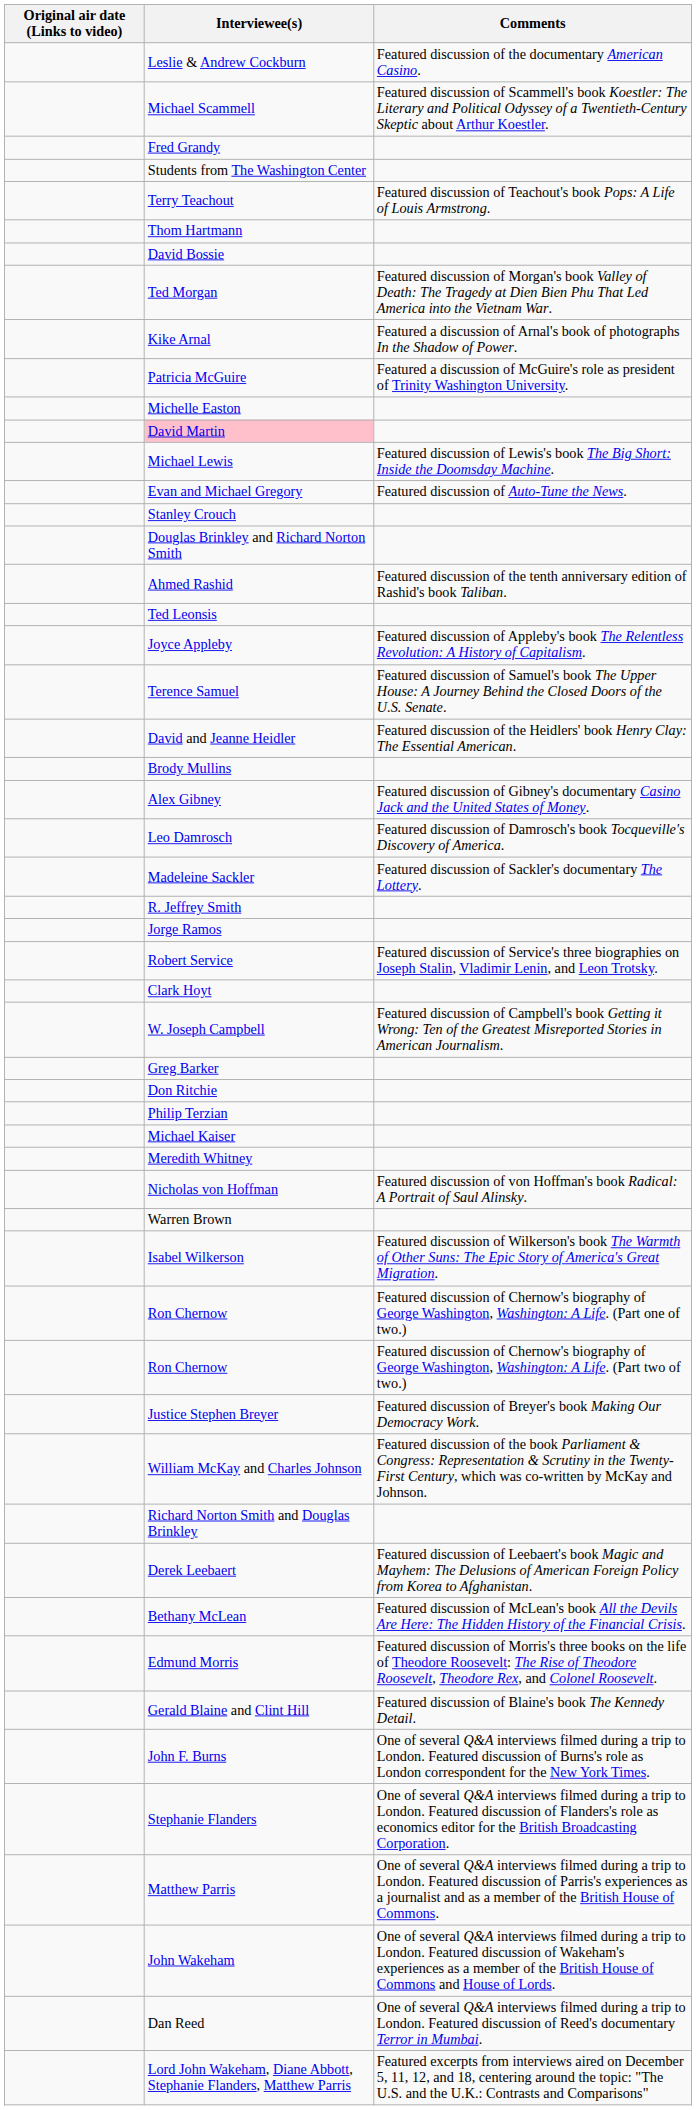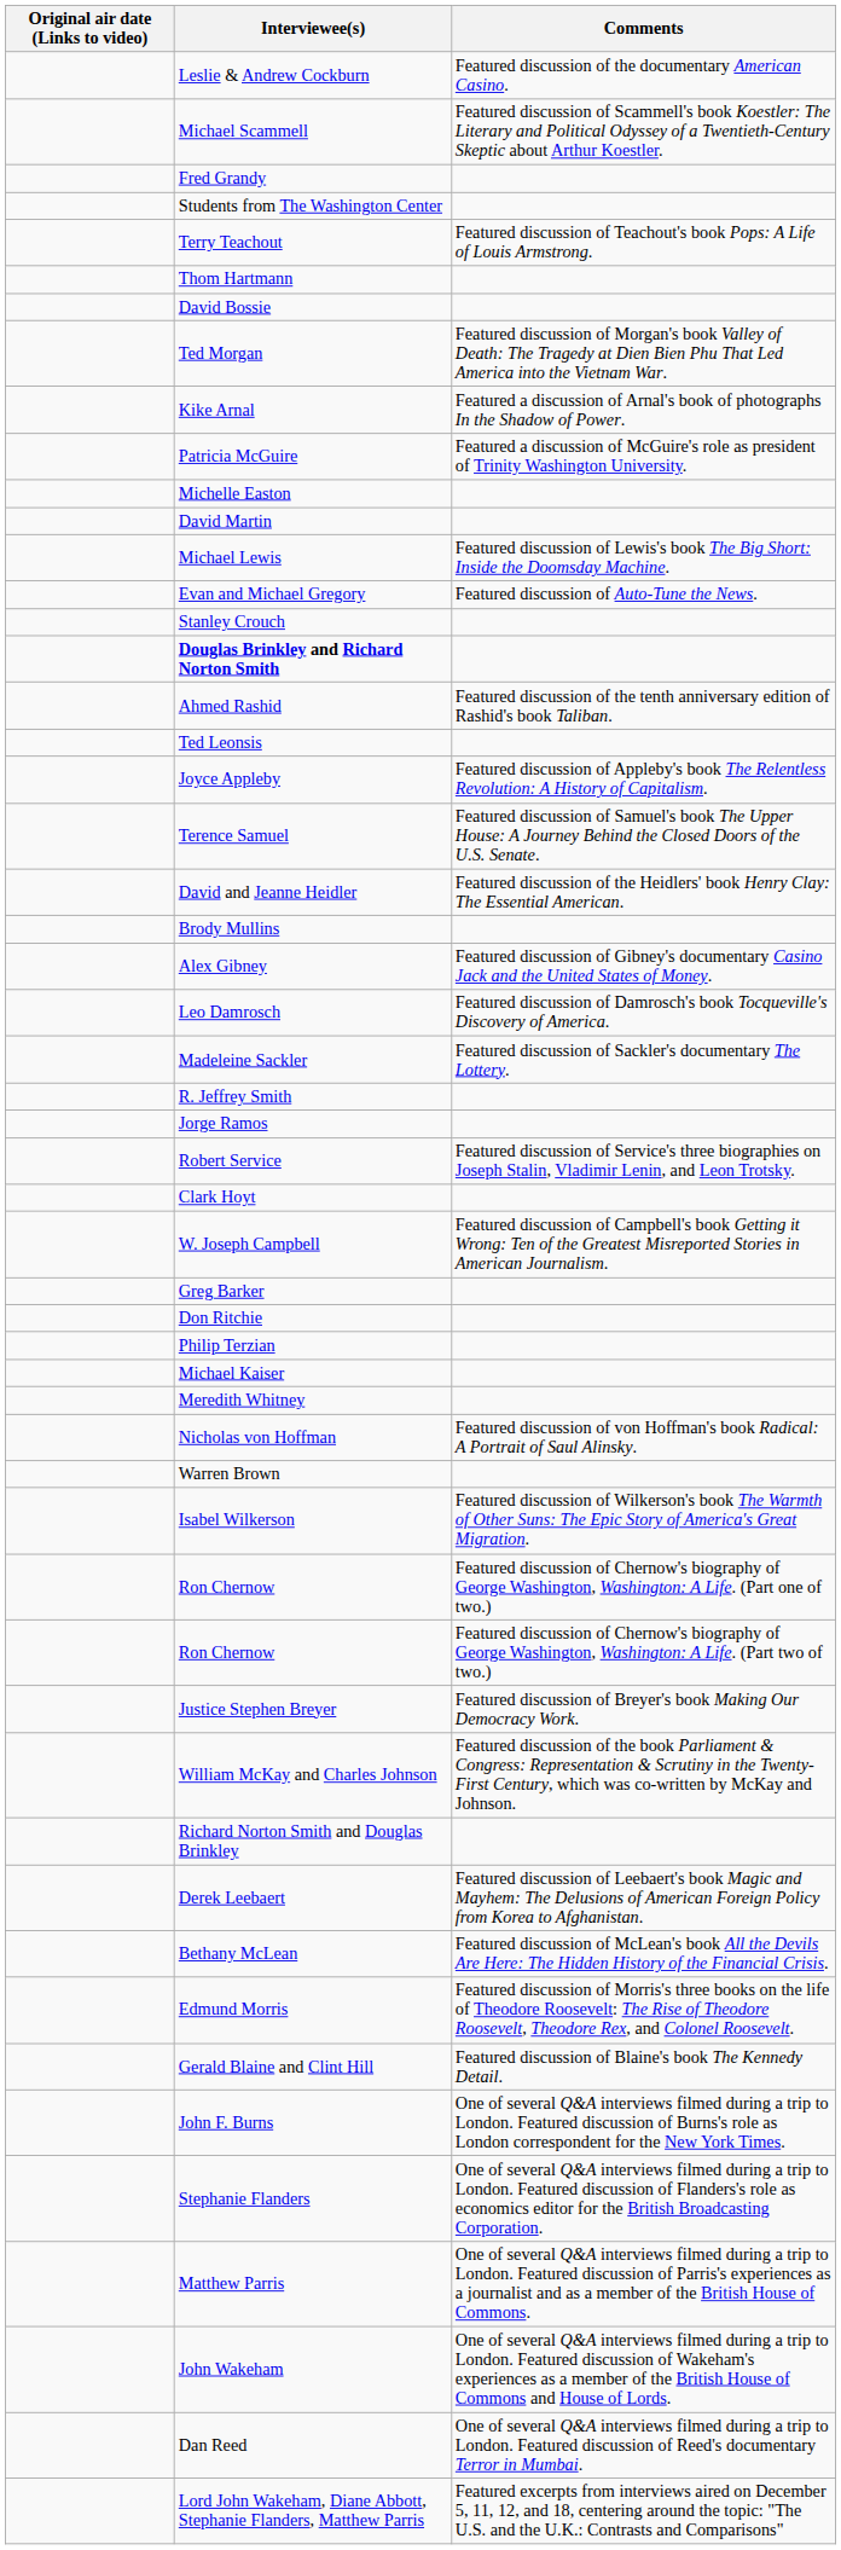 <table class="wikitable">
 <tr>
 <th width="150">Original air date<br>(Links to video)</th>
 <th width="250">Interviewee(s)</th>
 <th width="350">Comments</th>
 </tr>
 <tr>
 <td></td>
 <td><a href='#'>Leslie</a> & <a href='#'>Andrew Cockburn</a></td>
 <td>Featured discussion of the documentary <em><a href='#'>American Casino</a></em>.</td>
 </tr>
 <tr>
 <td></td>
 <td><a href='#'>Michael Scammell</a></td>
 <td>Featured discussion of Scammell's book <em>Koestler: The Literary and Political Odyssey of a Twentieth-Century Skeptic</em> about <a href='#'>Arthur Koestler</a>.</td>
 </tr>
 <tr>
 <td></td>
 <td><a href='#'>Fred Grandy</a></td>
 <td></td>
 </tr>
 <tr>
 <td></td>
 <td>Students from <a href='#'>The Washington Center</a></td>
 <td></td>
 </tr>
 <tr>
 <td></td>
 <td><a href='#'>Terry Teachout</a></td>
 <td>Featured discussion of Teachout's book <em>Pops: A Life of Louis Armstrong</em>.</td>
 </tr>
 <tr>
 <td></td>
 <td><a href='#'>Thom Hartmann</a></td>
 <td></td>
 </tr>
 <tr>
 <td></td>
 <td><a href='#'>David Bossie</a></td>
 <td></td>
 </tr>
 <tr>
 <td></td>
 <td><a href='#'>Ted Morgan</a></td>
 <td>Featured discussion of Morgan's book <em>Valley of Death: The Tragedy at Dien Bien Phu That Led America into the Vietnam War</em>.</td>
 </tr>
 <tr>
 <td></td>
 <td><a href='#'>Kike Arnal</a></td>
 <td>Featured a discussion of Arnal's book of photographs <em>In the Shadow of Power</em>.</td>
 </tr>
 <tr>
 <td></td>
 <td><a href='#'>Patricia McGuire</a></td>
 <td>Featured a discussion of McGuire's role as president of <a href='#'>Trinity Washington University</a>.</td>
 </tr>
 <tr>
 <td></td>
 <td><a href='#'>Michelle Easton</a></td>
 <td></td>
 </tr>
 <tr>
 <td></td>
-<td style="background: pink;"><a href='#'>David Martin</a></td>
+<td><a href='#'>David Martin</a></td>
 <td></td>
 </tr>
 <tr>
 <td></td>
 <td><a href='#'>Michael Lewis</a></td>
 <td>Featured discussion of Lewis's book <em><a href='#'>The Big Short: Inside the Doomsday Machine</a></em>.</td>
 </tr>
 <tr>
 <td></td>
 <td><a href='#'>Evan and Michael Gregory</a></td>
 <td>Featured discussion of <em><a href='#'>Auto-Tune the News</a></em>.</td>
 </tr>
 <tr>
 <td></td>
 <td><a href='#'>Stanley Crouch</a></td>
 <td></td>
 </tr>
 <tr>
 <td></td>
-<td><a href='#'>Douglas Brinkley</a> and <a href='#'>Richard Norton Smith</a></td>
+<td><strong><a href='#'>Douglas Brinkley</a> and <a href='#'>Richard Norton Smith</a></strong></td>
 <td></td>
 </tr>
 <tr>
 <td></td>
 <td><a href='#'>Ahmed Rashid</a></td>
 <td>Featured discussion of the tenth anniversary edition of Rashid's book <em>Taliban</em>.</td>
 </tr>
 <tr>
 <td></td>
 <td><a href='#'>Ted Leonsis</a></td>
 <td></td>
 </tr>
 <tr>
 <td></td>
 <td><a href='#'>Joyce Appleby</a></td>
 <td>Featured discussion of Appleby's book <em><a href='#'>The Relentless Revolution: A History of Capitalism</a></em>.</td>
 </tr>
 <tr>
 <td></td>
 <td><a href='#'>Terence Samuel</a></td>
 <td>Featured discussion of Samuel's book <em>The Upper House: A Journey Behind the Closed Doors of the U.S. Senate</em>.</td>
 </tr>
 <tr>
 <td></td>
 <td><a href='#'>David</a> and <a href='#'>Jeanne Heidler</a></td>
 <td>Featured discussion of the Heidlers' book <em>Henry Clay: The Essential American</em>.</td>
 </tr>
 <tr>
 <td></td>
 <td><a href='#'>Brody Mullins</a></td>
 <td></td>
 </tr>
 <tr>
 <td></td>
 <td><a href='#'>Alex Gibney</a></td>
 <td>Featured discussion of Gibney's documentary <em><a href='#'>Casino Jack and the United States of Money</a></em>.</td>
 </tr>
 <tr>
 <td></td>
 <td><a href='#'>Leo Damrosch</a></td>
 <td>Featured discussion of Damrosch's book <em>Tocqueville's Discovery of America</em>.</td>
 </tr>
 <tr>
 <td></td>
 <td><a href='#'>Madeleine Sackler</a></td>
 <td>Featured discussion of Sackler's documentary <em><a href='#'>The Lottery</a></em>.</td>
 </tr>
 <tr>
 <td></td>
 <td><a href='#'>R. Jeffrey Smith</a></td>
 <td></td>
 </tr>
 <tr>
 <td></td>
 <td><a href='#'>Jorge Ramos</a></td>
 <td></td>
 </tr>
 <tr>
 <td></td>
 <td><a href='#'>Robert Service</a></td>
 <td>Featured discussion of Service's three biographies on <a href='#'>Joseph Stalin</a>, <a href='#'>Vladimir Lenin</a>, and <a href='#'>Leon Trotsky</a>.</td>
 </tr>
 <tr>
 <td></td>
 <td><a href='#'>Clark Hoyt</a></td>
 <td></td>
 </tr>
 <tr>
 <td></td>
 <td><a href='#'>W. Joseph Campbell</a></td>
 <td>Featured discussion of Campbell's book <em>Getting it Wrong: Ten of the Greatest Misreported Stories in American Journalism</em>.</td>
 </tr>
 <tr>
 <td></td>
 <td><a href='#'>Greg Barker</a></td>
 <td></td>
 </tr>
 <tr>
 <td></td>
 <td><a href='#'>Don Ritchie</a></td>
 <td></td>
 </tr>
 <tr>
 <td></td>
 <td><a href='#'>Philip Terzian</a></td>
 <td></td>
 </tr>
 <tr>
 <td></td>
 <td><a href='#'>Michael Kaiser</a></td>
 <td></td>
 </tr>
 <tr>
 <td></td>
 <td><a href='#'>Meredith Whitney</a></td>
 <td></td>
 </tr>
 <tr>
 <td></td>
 <td><a href='#'>Nicholas von Hoffman</a></td>
 <td>Featured discussion of von Hoffman's book <em>Radical: A Portrait of Saul Alinsky</em>.</td>
 </tr>
 <tr>
 <td></td>
 <td>Warren Brown</td>
 <td></td>
 </tr>
 <tr>
 <td></td>
 <td><a href='#'>Isabel Wilkerson</a></td>
 <td>Featured discussion of Wilkerson's book <em><a href='#'>The Warmth of Other Suns: The Epic Story of America's Great Migration</a></em>.</td>
 </tr>
 <tr>
 <td></td>
 <td><a href='#'>Ron Chernow</a></td>
 <td>Featured discussion of Chernow's biography of <a href='#'>George Washington</a>, <em><a href='#'>Washington: A Life</a></em>. (Part one of two.)</td>
 </tr>
 <tr>
 <td></td>
 <td><a href='#'>Ron Chernow</a></td>
 <td>Featured discussion of Chernow's biography of <a href='#'>George Washington</a>, <em><a href='#'>Washington: A Life</a></em>. (Part two of two.)</td>
 </tr>
 <tr>
 <td></td>
 <td><a href='#'>Justice Stephen Breyer</a></td>
 <td>Featured discussion of Breyer's book <em>Making Our Democracy Work</em>.</td>
 </tr>
 <tr>
 <td></td>
 <td><a href='#'>William McKay</a> and <a href='#'>Charles Johnson</a></td>
 <td>Featured discussion of the book <em>Parliament & Congress: Representation & Scrutiny in the Twenty-First Century</em>, which was co-written by McKay and Johnson.</td>
 </tr>
 <tr>
 <td></td>
 <td><a href='#'>Richard Norton Smith</a> and <a href='#'>Douglas Brinkley</a></td>
 <td></td>
 </tr>
 <tr>
 <td></td>
 <td><a href='#'>Derek Leebaert</a></td>
 <td>Featured discussion of Leebaert's book <em>Magic and Mayhem: The Delusions of American Foreign Policy from Korea to Afghanistan</em>.</td>
 </tr>
 <tr>
 <td></td>
 <td><a href='#'>Bethany McLean</a></td>
 <td>Featured discussion of McLean's book <em><a href='#'>All the Devils Are Here: The Hidden History of the Financial Crisis</a></em>.</td>
 </tr>
 <tr>
 <td></td>
 <td><a href='#'>Edmund Morris</a></td>
 <td>Featured discussion of Morris's three books on the life of <a href='#'>Theodore Roosevelt</a>: <em><a href='#'>The Rise of Theodore Roosevelt</a></em>, <em><a href='#'>Theodore Rex</a></em>, and <em><a href='#'>Colonel Roosevelt</a></em>.</td>
 </tr>
 <tr>
 <td></td>
 <td><a href='#'>Gerald Blaine</a> and <a href='#'>Clint Hill</a></td>
 <td>Featured discussion of Blaine's book <em>The Kennedy Detail</em>.</td>
 </tr>
 <tr>
 <td></td>
 <td><a href='#'>John F. Burns</a></td>
 <td>One of several <em>Q&A</em> interviews filmed during a trip to London. Featured discussion of Burns's role as London correspondent for the <a href='#'>New York Times</a>.</td>
 </tr>
 <tr>
 <td></td>
 <td><a href='#'>Stephanie Flanders</a></td>
 <td>One of several <em>Q&A</em> interviews filmed during a trip to London. Featured discussion of Flanders's role as economics editor for the <a href='#'>British Broadcasting Corporation</a>.</td>
 </tr>
 <tr>
 <td></td>
 <td><a href='#'>Matthew Parris</a></td>
 <td>One of several <em>Q&A</em> interviews filmed during a trip to London. Featured discussion of Parris's experiences as a journalist and as a member of the <a href='#'>British House of Commons</a>.</td>
 </tr>
 <tr>
 <td></td>
 <td><a href='#'>John Wakeham</a></td>
 <td>One of several <em>Q&A</em> interviews filmed during a trip to London. Featured discussion of Wakeham's experiences as a member of the <a href='#'>British House of Commons</a> and <a href='#'>House of Lords</a>.</td>
 </tr>
 <tr>
 <td></td>
 <td>Dan Reed</td>
 <td>One of several <em>Q&A</em> interviews filmed during a trip to London. Featured discussion of Reed's documentary <em><a href='#'>Terror in Mumbai</a></em>.</td>
 </tr>
 <tr>
 <td></td>
 <td><a href='#'>Lord John Wakeham</a>, <a href='#'>Diane Abbott</a>, <a href='#'>Stephanie Flanders</a>, <a href='#'>Matthew Parris</a></td>
 <td>Featured excerpts from interviews aired on December 5, 11, 12, and 18, centering around the topic: "The U.S. and the U.K.: Contrasts and Comparisons"</td>
 </tr>
 </table>
